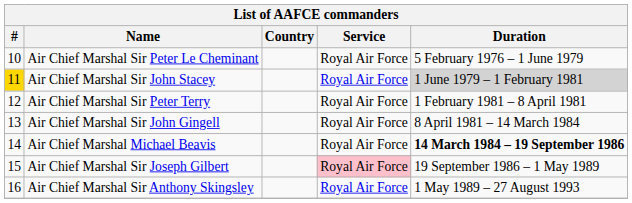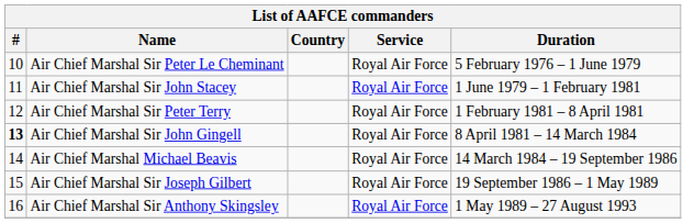 <table class="wikitable">
 <tr>
 <th colspan=5>List of AAFCE commanders</th>
 </tr>
 <tr>
 <th>#</th>
 <th>Name</th>
 <th>Country</th>
 <th>Service</th>
 <th>Duration</th>
 </tr>
 <tr>
 <td>10</td>
 <td>Air Chief Marshal Sir <a href='#'>Peter Le Cheminant</a></td>
 <td></td>
 <td>Royal Air Force</td>
 <td>5 February 1976 – 1 June 1979</td>
 </tr>
 <tr>
-<td style="background: gold;">11</td>
+<td>11</td>
 <td>Air Chief Marshal Sir <a href='#'>John Stacey</a></td>
 <td></td>
 <td><a href='#'>Royal Air Force</a></td>
-<td style="background: lightgrey;">1 June 1979 – 1 February 1981</td>
+<td>1 June 1979 – 1 February 1981</td>
 </tr>
 <tr>
 <td>12</td>
 <td>Air Chief Marshal Sir <a href='#'>Peter Terry</a></td>
 <td></td>
 <td>Royal Air Force</td>
 <td>1 February 1981 – 8 April 1981</td>
 </tr>
 <tr>
-<td>13</td>
+<td><strong>13</strong></td>
 <td>Air Chief Marshal Sir <a href='#'>John Gingell</a></td>
 <td></td>
 <td>Royal Air Force</td>
 <td>8 April 1981 – 14 March 1984</td>
 </tr>
 <tr>
 <td>14</td>
 <td>Air Chief Marshal <a href='#'>Michael Beavis</a></td>
 <td></td>
 <td>Royal Air Force</td>
-<td><strong>14 March 1984 – 19 September 1986</strong></td>
+<td>14 March 1984 – 19 September 1986</td>
 </tr>
 <tr>
 <td>15</td>
 <td>Air Chief Marshal Sir <a href='#'>Joseph Gilbert</a></td>
 <td></td>
-<td style="background: pink;">Royal Air Force</td>
+<td>Royal Air Force</td>
 <td>19 September 1986 – 1 May 1989</td>
 </tr>
 <tr>
 <td>16</td>
 <td>Air Chief Marshal Sir <a href='#'>Anthony Skingsley</a></td>
 <td></td>
 <td><a href='#'>Royal Air Force</a></td>
 <td>1 May 1989 – 27 August 1993</td>
 </tr>
 <tr>
 </tr>
 </table>
